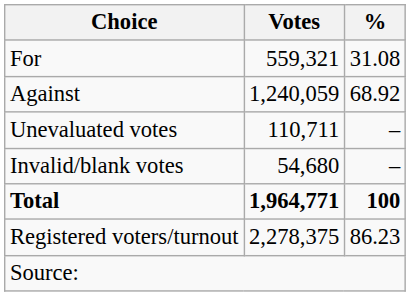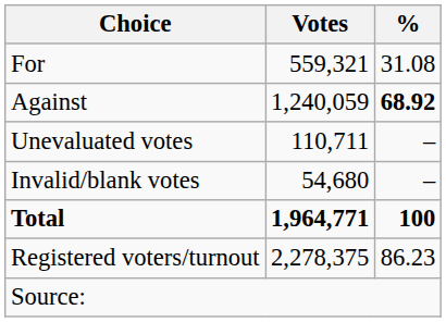 <table class=wikitable style=text-align:right>
 <tr>
 <th>Choice</th>
 <th>Votes</th>
 <th>%</th>
 </tr>
 <tr>
 <td align=left>For</td>
 <td>559,321</td>
 <td>31.08</td>
 </tr>
 <tr>
 <td align=left>Against</td>
 <td>1,240,059</td>
-<td>68.92</td>
+<td><strong>68.92</strong></td>
 </tr>
 <tr>
 <td align=left>Unevaluated votes</td>
 <td>110,711</td>
 <td>–</td>
 </tr>
 <tr>
 <td align=left>Invalid/blank votes</td>
 <td>54,680</td>
 <td>–</td>
 </tr>
 <tr>
 <td align=left><strong>Total</strong></td>
 <td><strong>1,964,771</strong></td>
 <td><strong>100</strong></td>
 </tr>
 <tr>
 <td align=left>Registered voters/turnout</td>
 <td>2,278,375</td>
 <td>86.23</td>
 </tr>
 <tr>
 <td align=left colspan=3>Source: </td>
 </tr>
 </table>
